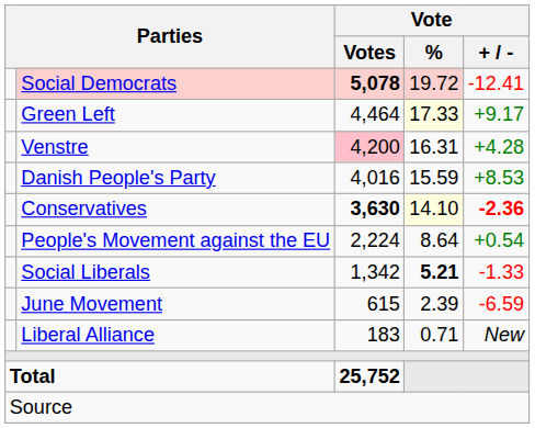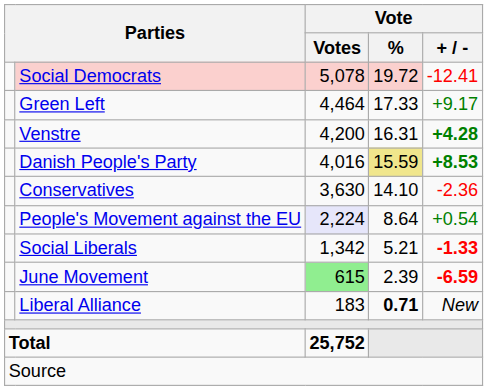 <table class="wikitable" style="text-align:right;">
 <tr>
 <th style="text-align:centre;" rowspan="2" colspan="2" width="225">Parties</th>
 <th colspan="3">Vote</th>
 </tr>
 <tr>
 <th width="15">Votes</th>
 <th width="15">%</th>
 <th width="15">+ / -</th>
 </tr>
 <tr>
 <td width="2" style="color:inherit;background:"></td>
 <td bgcolor=#fbd0ce   align="left"><a href='#'>Social Democrats</a></td>
-<td bgcolor=#fbd0ce><strong>5,078</strong></td>
+<td bgcolor=#fbd0ce>5,078</td>
 <td bgcolor=#fbd0ce>19.72</td>
 <td style=color:red;>-12.41</td>
 </tr>
 <tr>
 <td width="2" style="color:inherit;background:"></td>
 <td align="left"><a href='#'>Green Left</a></td>
 <td>4,464</td>
-<td style="background: lightyellow;">17.33</td>
+<td>17.33</td>
 <td style=color:green;>+9.17</td>
 </tr>
 <tr>
 <td width="2" style="color:inherit;background:"></td>
 <td align="left"><a href='#'>Venstre</a></td>
-<td style="background: pink;">4,200</td>
+<td>4,200</td>
 <td>16.31</td>
-<td style=color:green;>+4.28</td>
+<td style=color:green;><strong>+4.28</strong></td>
 </tr>
 <tr>
 <td width="2" style="color:inherit;background:"></td>
 <td align="left"><a href='#'>Danish People's Party</a></td>
 <td>4,016</td>
-<td>15.59</td>
-<td style=color:green;>+8.53</td>
+<td style="background: khaki;">15.59</td>
+<td style=color:green;><strong>+8.53</strong></td>
 </tr>
 <tr>
 <td width="2" style="color:inherit;background:"></td>
 <td align="left"><a href='#'>Conservatives</a></td>
-<td><strong>3,630</strong></td>
-<td style="background: lightyellow;">14.10</td>
-<td style=color:red;><strong>-2.36</strong></td>
+<td>3,630</td>
+<td>14.10</td>
+<td style=color:red;>-2.36</td>
 </tr>
 <tr>
 <td width="2" style="color:inherit;background:"></td>
 <td align="left"><a href='#'>People's Movement against the EU</a></td>
-<td>2,224</td>
+<td style="background: lavender;">2,224</td>
 <td>8.64</td>
 <td style=color:green;>+0.54</td>
 </tr>
 <tr>
 <td width="2" style="color:inherit;background:"></td>
 <td align="left"><a href='#'>Social Liberals</a></td>
 <td>1,342</td>
-<td><strong>5.21</strong></td>
-<td style=color:red;>-1.33</td>
+<td>5.21</td>
+<td style=color:red;><strong>-1.33</strong></td>
 </tr>
 <tr>
 <td width="2" style="color:inherit;background:"></td>
 <td align="left"><a href='#'>June Movement</a></td>
-<td>615</td>
+<td style="background: lightgreen;">615</td>
 <td>2.39</td>
-<td style=color:red;>-6.59</td>
+<td style=color:red;><strong>-6.59</strong></td>
 </tr>
 <tr>
 <td width="2" style="color:inherit;background:"></td>
 <td align="left"><a href='#'>Liberal Alliance</a></td>
 <td>183</td>
-<td>0.71</td>
+<td><strong>0.71</strong></td>
 <td><em>New</em></td>
 </tr>
 <tr>
 <td colspan="7" bgcolor="#E9E9E9"></td>
 </tr>
 <tr>
 <td align="left" colspan="2"><strong>Total</strong></td>
 <td><strong>25,752</strong></td>
 <td bgcolor="#E9E9E9" colspan="2"></td>
 </tr>
 <tr>
 <td align="left" colspan="6">Source</td>
 </tr>
 </table>
